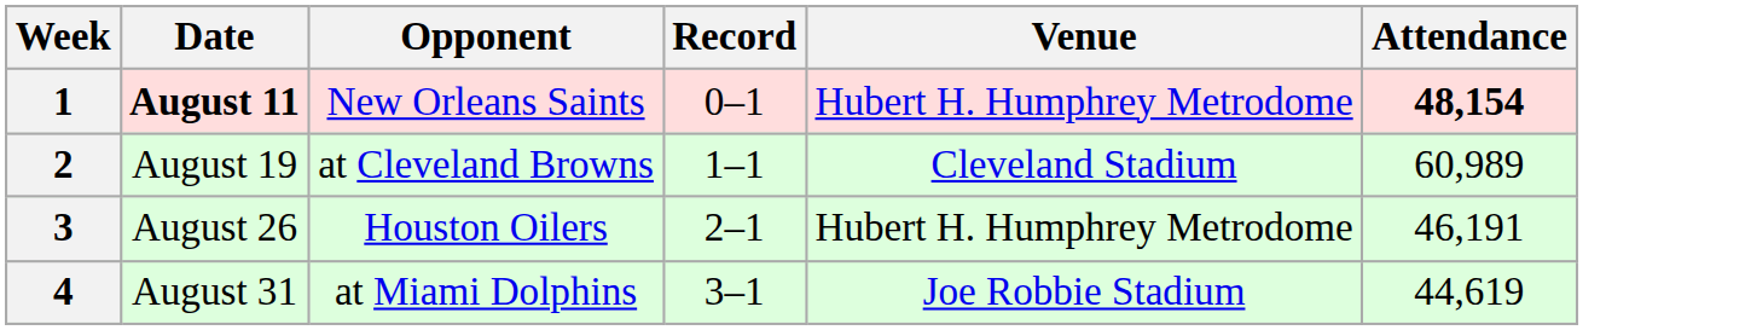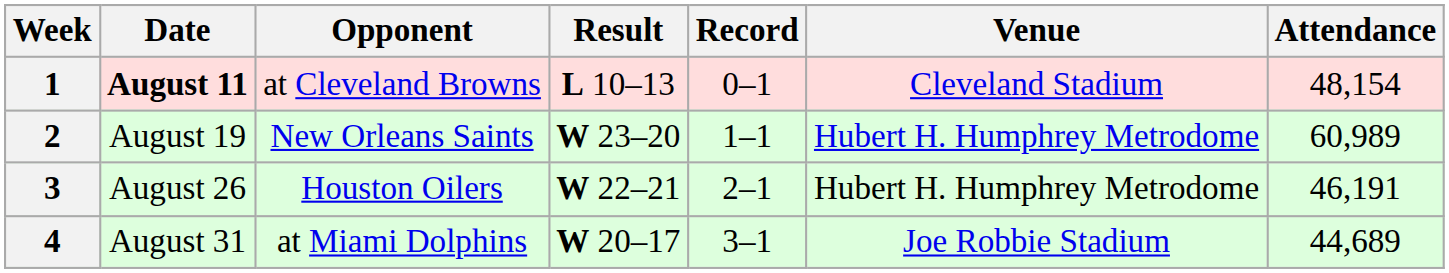 <table class="wikitable" style="text-align:center">
 <tr>
 <th>Week</th>
 <th>Date</th>
 <th>Opponent</th>
+<th>Result</th>
 <th>Record</th>
 <th>Venue</th>
 <th>Attendance</th>
 </tr>
 <tr style="background:#fdd">
 <th>1</th>
 <td><strong>August 11</strong></td>
-<td><a href='#'>New Orleans Saints</a></td>
+<td>at <a href='#'>Cleveland Browns</a></td>
+<td><strong>L</strong> 10–13</td>
 <td>0–1</td>
-<td><a href='#'>Hubert H. Humphrey Metrodome</a></td>
-<td><strong>48,154</strong></td>
+<td><a href='#'>Cleveland Stadium</a></td>
+<td>48,154</td>
 </tr>
 <tr style="background:#dfd">
 <th>2</th>
 <td>August 19</td>
-<td>at <a href='#'>Cleveland Browns</a></td>
+<td><a href='#'>New Orleans Saints</a></td>
+<td><strong>W</strong> 23–20</td>
 <td>1–1</td>
-<td><a href='#'>Cleveland Stadium</a></td>
+<td><a href='#'>Hubert H. Humphrey Metrodome</a></td>
 <td>60,989</td>
 </tr>
 <tr style="background:#dfd">
 <th>3</th>
 <td>August 26</td>
 <td><a href='#'>Houston Oilers</a></td>
+<td><strong>W</strong> 22–21</td>
 <td>2–1</td>
 <td>Hubert H. Humphrey Metrodome</td>
 <td>46,191</td>
 </tr>
 <tr style="background:#dfd">
 <th>4</th>
 <td>August 31</td>
 <td>at <a href='#'>Miami Dolphins</a></td>
+<td><strong>W</strong> 20–17</td>
 <td>3–1</td>
 <td><a href='#'>Joe Robbie Stadium</a></td>
-<td>44,619</td>
+<td>44,689</td>
 </tr>
 </table>
